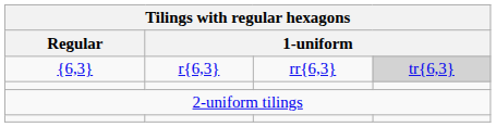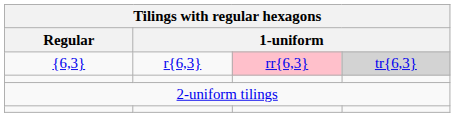 <table class="wikitable collapsible collapsed" style="width:480px;">
 <tr>
 <th colspan=12>Tilings with regular hexagons</th>
 </tr>
 <tr>
 <th>Regular</th>
 <th colspan=3>1-uniform</th>
 </tr>
 <tr style="text-align:center;">
 <td><a href='#'>{6,3}</a><br></td>
 <td><a href='#'>r{6,3}</a><br></td>
-<td><a href='#'>rr{6,3}</a><br></td>
+<td style="background: pink;"><a href='#'>rr{6,3}</a><br></td>
 <td style="background: lightgrey;"><a href='#'>tr{6,3}</a><br></td>
 </tr>
 <tr>
 <td></td>
 <td></td>
 <td></td>
 <td></td>
 </tr>
 <tr style="text-align:center;">
 <td colspan=4><a href='#'>2-uniform tilings</a></td>
 </tr>
 <tr>
 <td></td>
 <td></td>
 <td></td>
 <td></td>
 </tr>
 </table>
